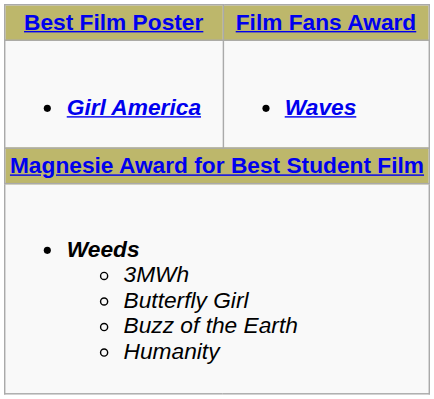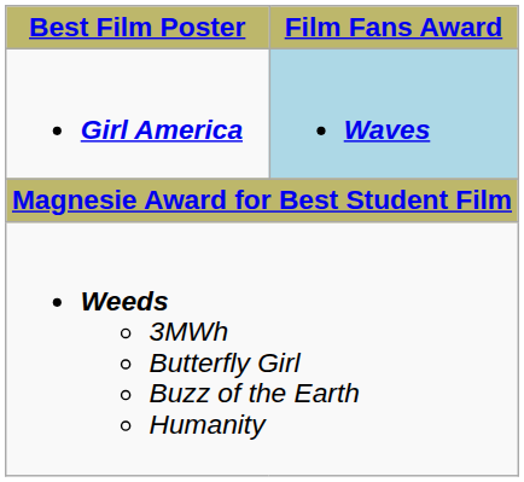 <table class=wikitable>
 <tr>
 <th style="background:#BDB76B;"><a href='#'>Best Film Poster</a></th>
 <th style="background:#BDB76B;"><a href='#'>Film Fans Award</a></th>
 </tr>
 <tr>
 <td valign="top"><br><ul><li><strong><em><a href='#'>Girl America</a></em></strong></li></ul></td>
-<td valign="top"><br><ul><li><strong><em><a href='#'>Waves</a></em></strong></li></ul></td>
+<td valign="top" style="background: lightblue;"><br><ul><li><strong><em><a href='#'>Waves</a></em></strong></li></ul></td>
 </tr>
 <tr>
 <th style="background:#BDB76B;" colspan="2"><a href='#'>Magnesie Award for Best Student Film</a></th>
 </tr>
 <tr>
 <td colspan="2"><br><ul><li><strong><em>Weeds</em></strong><ul><li><em>3MWh</em></li><li><em>Butterfly Girl</em></li><li><em>Buzz of the Earth</em></li><li><em>Humanity</em></li></ul></li></ul></td>
 </tr>
 </table>
